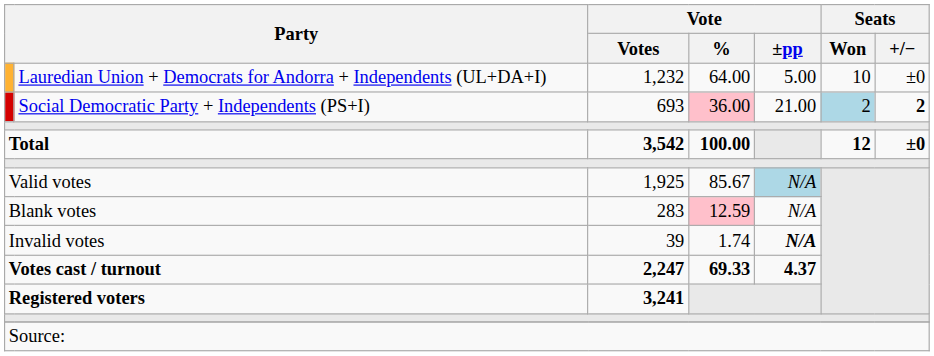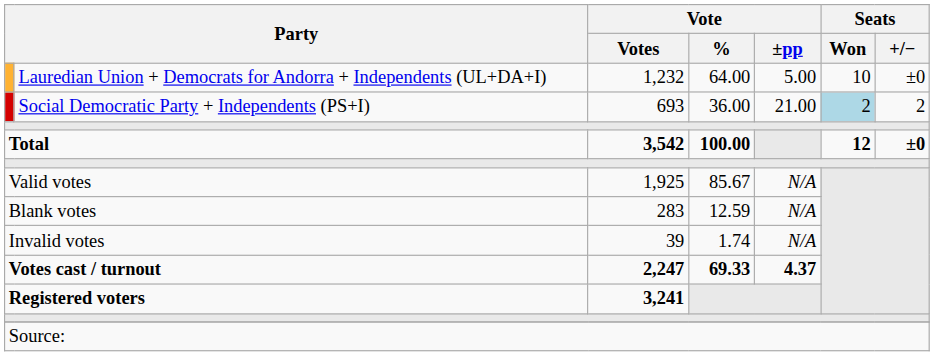 <table class="wikitable" style="text-align:right; font-size:100%; margin-bottom:0">
 <tr>
 <th align="left" rowspan="2" colspan="2" width="500">Party</th>
 <th colspan="3">Vote</th>
 <th colspan="2">Seats</th>
 </tr>
 <tr>
 <th width="80">Votes</th>
 <th width="50">%</th>
 <th width="50">±<a href='#'>pp</a></th>
 <th width="40">Won</th>
 <th width="40">+/−</th>
 </tr>
 <tr>
 <td width="1" style="color:inherit;background:#FFB232"></td>
 <td align="left"><a href='#'>Lauredian Union</a> + <a href='#'>Democrats for Andorra</a> + <a href='#'>Independents</a> (UL+DA+I)</td>
 <td>1,232</td>
 <td>64.00</td>
 <td>5.00</td>
 <td>10</td>
 <td>±0</td>
 </tr>
 <tr>
 <td width="1" style="color:inherit;background:#D40000"></td>
 <td align="left"><a href='#'>Social Democratic Party</a> + <a href='#'>Independents</a> (PS+I)</td>
 <td>693</td>
-<td style="background: pink;">36.00</td>
+<td>36.00</td>
 <td>21.00</td>
 <td style="background: lightblue;">2</td>
-<td><strong>2</strong></td>
+<td>2</td>
 </tr>
 <tr>
 <td colspan="7" bgcolor="#E9E9E9"></td>
 </tr>
 <tr style="font-weight:bold;">
 <td align="left" colspan="2">Total</td>
 <td>3,542</td>
 <td>100.00</td>
 <td bgcolor="#E9E9E9"></td>
 <td>12</td>
 <td>±0</td>
 </tr>
 <tr>
 <td colspan="7" bgcolor="#E9E9E9"></td>
 </tr>
 <tr>
 <td align="left" colspan="2">Valid votes</td>
 <td>1,925</td>
 <td>85.67</td>
-<td style="background: lightblue;"><em>N/A</em></td>
+<td><em>N/A</em></td>
 <td bgcolor="#E9E9E9" colspan="2" rowspan="5"></td>
 </tr>
 <tr>
 <td align="left" colspan="2">Blank votes</td>
 <td>283</td>
-<td style="background: pink;">12.59</td>
+<td>12.59</td>
 <td><em>N/A</em></td>
 </tr>
 <tr>
 <td align="left" colspan="2">Invalid votes</td>
 <td>39</td>
 <td>1.74</td>
-<td><strong><em>N/A</em></strong></td>
+<td><em>N/A</em></td>
 </tr>
 <tr style="font-weight:bold;">
 <td align="left" colspan="2">Votes cast / turnout</td>
 <td>2,247</td>
 <td>69.33</td>
 <td>4.37</td>
 </tr>
 <tr style="font-weight:bold;">
 <td align="left" colspan="2">Registered voters</td>
 <td>3,241</td>
 <td bgcolor="#E9E9E9" colspan="2"></td>
 </tr>
 <tr>
 <td colspan="7" bgcolor="#E9E9E9"></td>
 </tr>
 <tr>
 </tr>
 <tr>
 <td align="left" colspan="7">Source: </td>
 </tr>
 </table>
